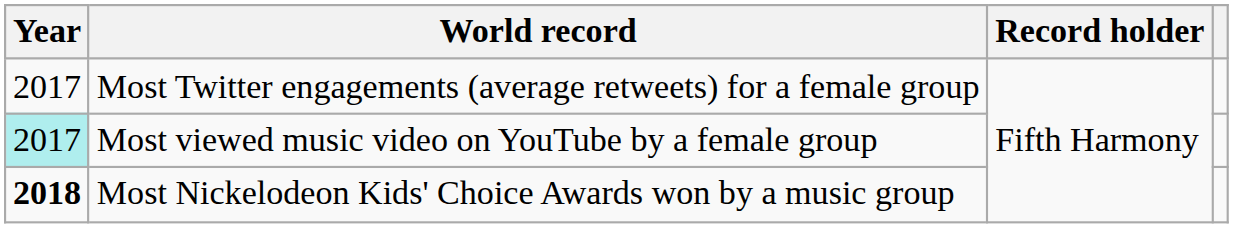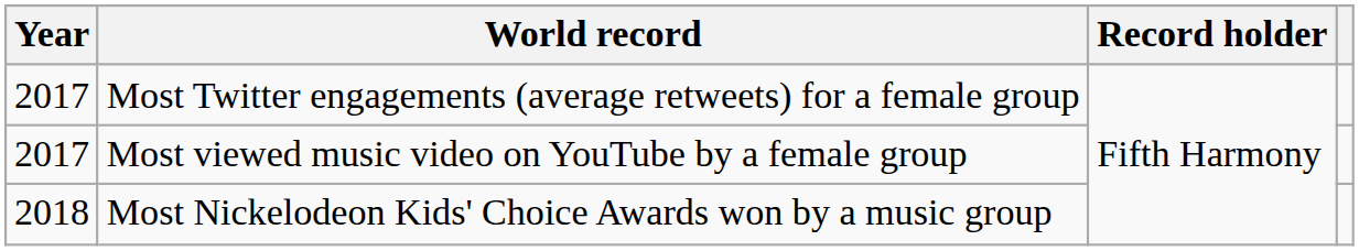 <table class="wikitable sortable plainrowheaders">
 <tr style="background:#ccc; text-align:center;">
 <th scope="col">Year</th>
 <th scope="col">World record</th>
 <th scope="col">Record holder</th>
 <th scope="col" class="unsortable"></th>
 </tr>
 <tr>
 <td>2017</td>
 <td>Most Twitter engagements (average retweets) for a female group</td>
 <td rowspan="3">Fifth Harmony</td>
 <td style="text-align:center;"></td>
 </tr>
 <tr>
-<td style="background: paleturquoise;">2017</td>
+<td>2017</td>
 <td>Most viewed music video on YouTube by a female group</td>
 <td style="text-align:center;"></td>
 </tr>
 <tr>
-<td><strong>2018</strong></td>
+<td>2018</td>
 <td>Most Nickelodeon Kids' Choice Awards won by a music group</td>
 <td style="text-align:center;"></td>
 </tr>
 </table>
